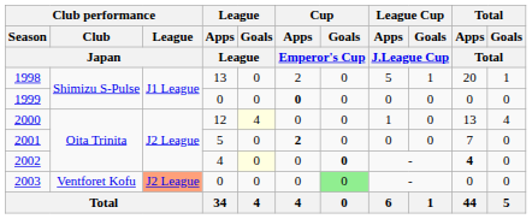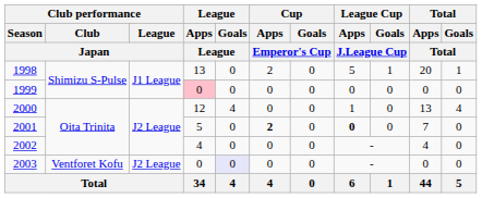 <table class="wikitable" style="text-align:center;">
 <tr>
 <th colspan=3>Club performance</th>
 <th colspan=2>League</th>
 <th colspan=2>Cup</th>
 <th colspan=2>League Cup</th>
 <th colspan=2>Total</th>
 </tr>
 <tr>
 <th>Season</th>
 <th>Club</th>
 <th>League</th>
 <th>Apps</th>
 <th>Goals</th>
 <th>Apps</th>
 <th>Goals</th>
 <th>Apps</th>
 <th>Goals</th>
 <th>Apps</th>
 <th>Goals</th>
 </tr>
 <tr>
 <th colspan=3>Japan</th>
 <th colspan=2>League</th>
 <th colspan=2><a href='#'>Emperor's Cup</a></th>
 <th colspan=2><a href='#'>J.League Cup</a></th>
 <th colspan=2>Total</th>
 </tr>
 <tr>
 <td><a href='#'>1998</a></td>
 <td rowspan="2"><a href='#'>Shimizu S-Pulse</a></td>
 <td rowspan="2"><a href='#'>J1 League</a></td>
 <td>13</td>
 <td>0</td>
 <td>2</td>
 <td>0</td>
 <td>5</td>
 <td>1</td>
 <td>20</td>
 <td>1</td>
 </tr>
 <tr>
 <td><a href='#'>1999</a></td>
+<td style="background: pink;">0</td>
 <td>0</td>
 <td>0</td>
-<td><strong>0</strong></td>
 <td>0</td>
 <td>0</td>
 <td>0</td>
 <td>0</td>
 <td>0</td>
 </tr>
 <tr>
 <td><a href='#'>2000</a></td>
 <td rowspan="3"><a href='#'>Oita Trinita</a></td>
 <td rowspan="3"><a href='#'>J2 League</a></td>
 <td>12</td>
-<td style="background: lightyellow;">4</td>
+<td>4</td>
 <td>0</td>
 <td>0</td>
 <td>1</td>
 <td>0</td>
 <td>13</td>
 <td>4</td>
 </tr>
 <tr>
 <td><a href='#'>2001</a></td>
 <td>5</td>
 <td>0</td>
 <td><strong>2</strong></td>
 <td>0</td>
-<td>0</td>
+<td><strong>0</strong></td>
 <td>0</td>
 <td>7</td>
 <td>0</td>
 </tr>
 <tr>
 <td><a href='#'>2002</a></td>
 <td>4</td>
-<td style="background: lightyellow;">0</td>
 <td>0</td>
-<td><strong>0</strong></td>
+<td>0</td>
+<td>0</td>
 <td colspan="2">-</td>
-<td><strong>4</strong></td>
+<td>4</td>
 <td>0</td>
 </tr>
 <tr>
 <td><a href='#'>2003</a></td>
 <td><a href='#'>Ventforet Kofu</a></td>
-<td style="background: lightsalmon;"><a href='#'>J2 League</a></td>
+<td><a href='#'>J2 League</a></td>
+<td>0</td>
+<td style="background: lavender;">0</td>
 <td>0</td>
 <td>0</td>
-<td>0</td>
-<td style="background: lightgreen;">0</td>
 <td colspan="2">-</td>
 <td>0</td>
 <td>0</td>
 </tr>
 <tr>
 <th colspan=3>Total</th>
 <th>34</th>
 <th>4</th>
 <th>4</th>
 <th>0</th>
 <th>6</th>
 <th>1</th>
 <th>44</th>
 <th>5</th>
 </tr>
 </table>
